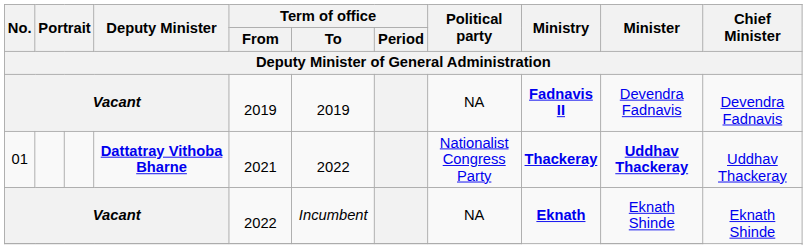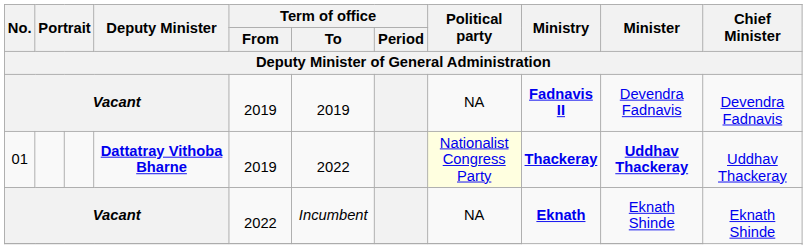 <table class="wikitable" style="text-align:center">
 <tr>
 <th rowspan="2">No.</th>
 <th rowspan="2" colspan="2">Portrait</th>
 <th rowspan="2" style="width:16em">Deputy Minister<br></th>
 <th colspan="3">Term of office</th>
 <th rowspan="2" style="width:8em">Political party</th>
 <th rowspan="2">Ministry</th>
 <th rowspan="2" style="width:9em">Minister</th>
 <th rowspan="2" style="width:9em">Chief Minister</th>
 </tr>
 <tr>
 <th style="width:6em">From</th>
 <th style="width:6em">To</th>
 <th>Period</th>
 </tr>
 <tr>
 <th colspan="11">Deputy Minister of General Administration</th>
 </tr>
 <tr>
 <th colspan="04"><strong><em>Vacant</em></strong></th>
 <td><br>2019</td>
 <td><br>2019</td>
 <th></th>
 <td>NA</td>
 <td rowspan="1"><a href='#'><strong>Fadnavis II</strong></a></td>
 <td><a href='#'>Devendra Fadnavis</a></td>
 <td rowspan="1"> <br><a href='#'>Devendra Fadnavis</a></td>
 </tr>
 <tr>
 <td>01</td>
 <td style="color:inherit;background:"></td>
 <td></td>
 <td><strong><a href='#'>Dattatray Vithoba Bharne</a></strong> <br> </td>
-<td><br>2021</td>
+<td><br>2019</td>
 <td><br>2022</td>
 <th></th>
-<td><a href='#'>Nationalist Congress Party</a></td>
+<td style="background: lightyellow;"><a href='#'>Nationalist Congress Party</a></td>
 <td rowspan="1"><a href='#'><strong>Thackeray</strong></a></td>
 <td><strong><a href='#'>Uddhav Thackeray</a></strong></td>
 <td rowspan="1"> <br><a href='#'>Uddhav Thackeray</a></td>
 </tr>
 <tr>
 <th colspan="04"><strong><em>Vacant </em></strong></th>
 <td><br>2022</td>
 <td><em>Incumbent</em></td>
 <th></th>
 <td>NA</td>
 <td rowspan="2"><a href='#'><strong>Eknath</strong></a></td>
 <td><a href='#'>Eknath Shinde</a></td>
 <td rowspan="2"> <br><a href='#'>Eknath Shinde</a></td>
 </tr>
 <tr>
 </tr>
 </table>
